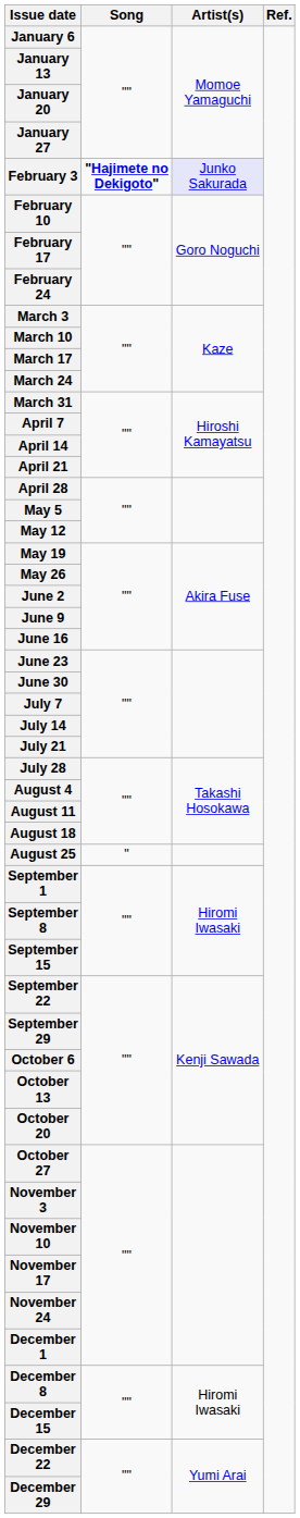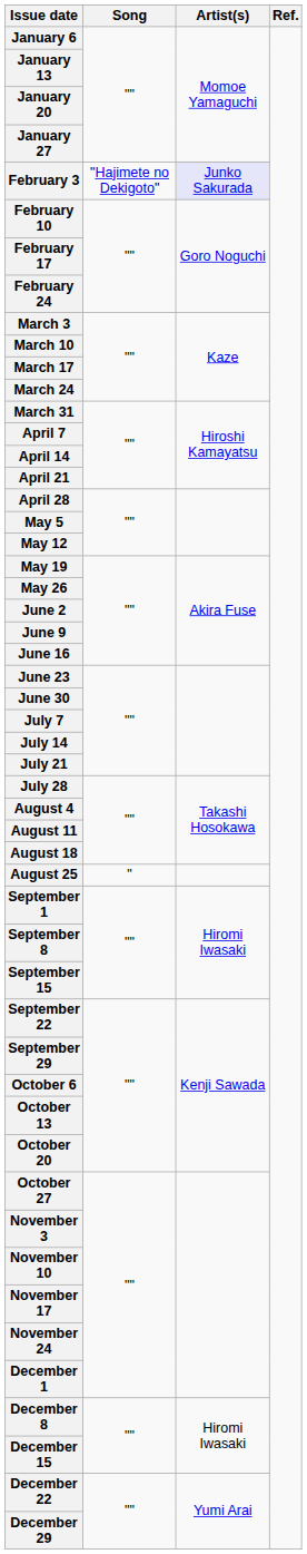 <table class="wikitable plainrowheaders" style="text-align: center">
 <tr>
 <th width="80">Issue date</th>
 <th width="100">Song</th>
 <th width="100">Artist(s)</th>
 <th width="20">Ref.</th>
 </tr>
 <tr>
 <th scope="row">January 6</th>
 <td rowspan="4">""</td>
 <td rowspan="4"><a href='#'>Momoe Yamaguchi</a></td>
 <td rowspan="53"></td>
 </tr>
 <tr>
 <th scope="row">January 13</th>
 </tr>
 <tr>
 <th scope="row">January 20</th>
 </tr>
 <tr>
 <th scope="row">January 27</th>
 </tr>
 <tr>
 <th scope="row">February 3</th>
-<td rowspan="1"><strong>"<a href='#'>Hajimete no Dekigoto</a>"</strong></td>
+<td rowspan="1">"<a href='#'>Hajimete no Dekigoto</a>"</td>
 <td rowspan="1" style="background: lavender;"><a href='#'>Junko Sakurada</a></td>
 </tr>
 <tr>
 <th scope="row">February 10</th>
 <td rowspan="3">""</td>
 <td rowspan="3"><a href='#'>Goro Noguchi</a></td>
 </tr>
 <tr>
 <th scope="row">February 17</th>
 </tr>
 <tr>
 <th scope="row">February 24</th>
 </tr>
 <tr>
 <th scope="row">March 3</th>
 <td rowspan="4">""</td>
 <td rowspan="4"><a href='#'>Kaze</a></td>
 </tr>
 <tr>
 <th scope="row">March 10</th>
 </tr>
 <tr>
 <th scope="row">March 17</th>
 </tr>
 <tr>
 <th scope="row">March 24</th>
 </tr>
 <tr>
 <th scope="row">March 31</th>
 <td rowspan="4">""</td>
 <td rowspan="4"><a href='#'>Hiroshi Kamayatsu</a></td>
 </tr>
 <tr>
 <th scope="row">April 7</th>
 </tr>
 <tr>
 <th scope="row">April 14</th>
 </tr>
 <tr>
 <th scope="row">April 21</th>
 </tr>
 <tr>
 <th scope="row">April 28</th>
 <td rowspan="3">""</td>
 <td rowspan="3"></td>
 </tr>
 <tr>
 <th scope="row">May 5</th>
 </tr>
 <tr>
 <th scope="row">May 12</th>
 </tr>
 <tr>
 <th scope="row">May 19</th>
 <td rowspan="5">""</td>
 <td rowspan="5"><a href='#'>Akira Fuse</a></td>
 </tr>
 <tr>
 <th scope="row">May 26</th>
 </tr>
 <tr>
 <th scope="row">June 2</th>
 </tr>
 <tr>
 <th scope="row">June 9</th>
 </tr>
 <tr>
 <th scope="row">June 16</th>
 </tr>
 <tr>
 <th scope="row">June 23</th>
 <td rowspan="5">""</td>
 <td rowspan="5"></td>
 </tr>
 <tr>
 <th scope="row">June 30</th>
 </tr>
 <tr>
 <th scope="row">July 7</th>
 </tr>
 <tr>
 <th scope="row">July 14</th>
 </tr>
 <tr>
 <th scope="row">July 21</th>
 </tr>
 <tr>
 <th scope="row">July 28</th>
 <td rowspan="4">""</td>
 <td rowspan="4"><a href='#'>Takashi Hosokawa</a></td>
 </tr>
 <tr>
 <th scope="row">August 4</th>
 </tr>
 <tr>
 <th scope="row">August 11</th>
 </tr>
 <tr>
 <th scope="row">August 18</th>
 </tr>
 <tr>
 <th scope="row">August 25</th>
 <td rowspan="1">"</td>
 <td rowspan="1"></td>
 </tr>
 <tr>
 <th scope="row">September 1</th>
 <td rowspan="3">""</td>
 <td rowspan="3"><a href='#'>Hiromi Iwasaki</a></td>
 </tr>
 <tr>
 <th scope="row">September 8</th>
 </tr>
 <tr>
 <th scope="row">September 15</th>
 </tr>
 <tr>
 <th scope="row">September 22</th>
 <td rowspan="5">""</td>
 <td rowspan="5"><a href='#'>Kenji Sawada</a></td>
 </tr>
 <tr>
 <th scope="row">September 29</th>
 </tr>
 <tr>
 <th scope="row">October 6</th>
 </tr>
 <tr>
 <th scope="row">October 13</th>
 </tr>
 <tr>
 <th scope="row">October 20</th>
 </tr>
 <tr>
 <th scope="row">October 27</th>
 <td rowspan="6">""</td>
 <td rowspan="6"></td>
 </tr>
 <tr>
 <th scope="row">November 3</th>
 </tr>
 <tr>
 <th scope="row">November 10</th>
 </tr>
 <tr>
 <th scope="row">November 17</th>
 </tr>
 <tr>
 <th scope="row">November 24</th>
 </tr>
 <tr>
 <th scope="row">December 1</th>
 </tr>
 <tr>
 <th scope="row">December 8</th>
 <td rowspan="2">""</td>
 <td rowspan="2">Hiromi Iwasaki</td>
 </tr>
 <tr>
 <th scope="row">December 15</th>
 </tr>
 <tr>
 <th scope="row">December 22</th>
 <td rowspan="2">""</td>
 <td rowspan="2"><a href='#'>Yumi Arai</a></td>
 </tr>
 <tr>
 <th scope="row">December 29</th>
 </tr>
 </table>
